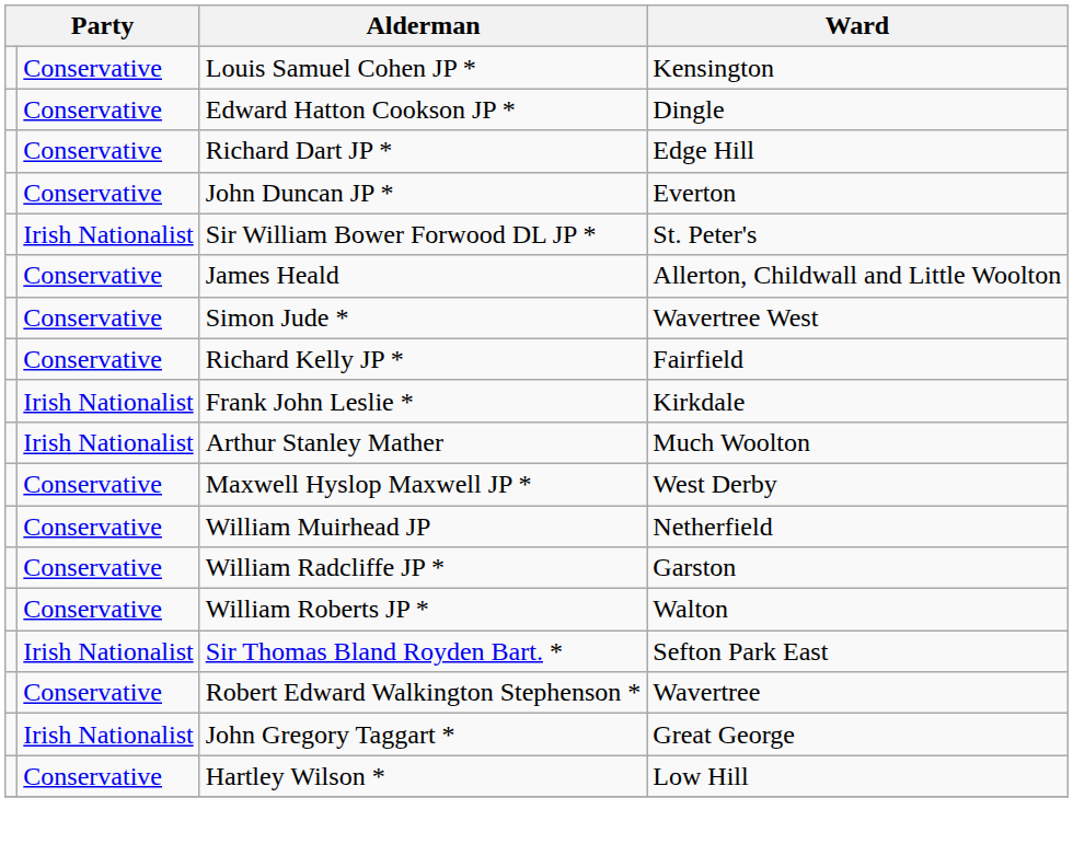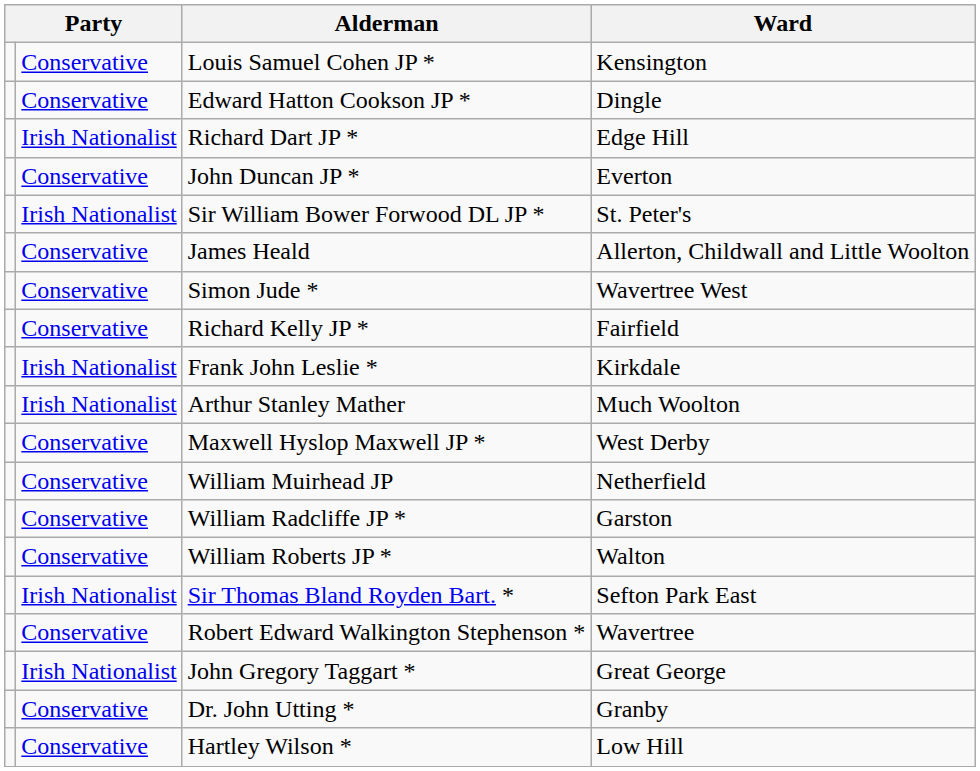 <table class="wikitable">
 <tr>
 <th colspan="2">Party</th>
 <th>Alderman</th>
 <th>Ward</th>
 </tr>
 <tr>
 <td style="background-color:"></td>
 <td><a href='#'>Conservative</a></td>
 <td>Louis Samuel Cohen JP *</td>
 <td>Kensington</td>
 </tr>
 <tr>
 <td style="background-color:"></td>
 <td><a href='#'>Conservative</a></td>
 <td>Edward Hatton Cookson JP *</td>
 <td>Dingle</td>
 </tr>
 <tr>
 <td style="background-color:"></td>
-<td><a href='#'>Conservative</a></td>
+<td><a href='#'>Irish Nationalist</a></td>
 <td>Richard Dart JP *</td>
 <td>Edge Hill</td>
 </tr>
 <tr>
 <td style="background-color:"></td>
 <td><a href='#'>Conservative</a></td>
 <td>John Duncan JP *</td>
 <td>Everton</td>
 </tr>
 <tr>
 <td style="background-color:"></td>
 <td><a href='#'>Irish Nationalist</a></td>
 <td>Sir William Bower Forwood DL JP *</td>
 <td>St. Peter's</td>
 </tr>
 <tr>
 <td style="background-color:"></td>
 <td><a href='#'>Conservative</a></td>
 <td>James Heald</td>
 <td>Allerton, Childwall and Little Woolton</td>
 </tr>
 <tr>
 <td style="background-color:"></td>
 <td><a href='#'>Conservative</a></td>
 <td>Simon Jude *</td>
 <td>Wavertree West</td>
 </tr>
 <tr>
 <td style="background-color:"></td>
 <td><a href='#'>Conservative</a></td>
 <td>Richard Kelly JP *</td>
 <td>Fairfield</td>
 </tr>
 <tr>
 <td style="background-color:"></td>
 <td><a href='#'>Irish Nationalist</a></td>
 <td>Frank John Leslie *</td>
 <td>Kirkdale</td>
 </tr>
 <tr>
 <td style="background-color:"></td>
 <td><a href='#'>Irish Nationalist</a></td>
 <td>Arthur Stanley Mather</td>
 <td>Much Woolton</td>
 </tr>
 <tr>
 <td style="background-color:"></td>
 <td><a href='#'>Conservative</a></td>
 <td>Maxwell Hyslop Maxwell JP *</td>
 <td>West Derby</td>
 </tr>
 <tr>
 <td style="background-color:"></td>
 <td><a href='#'>Conservative</a></td>
 <td>William Muirhead JP</td>
 <td>Netherfield</td>
 </tr>
 <tr>
 <td style="background-color:"></td>
 <td><a href='#'>Conservative</a></td>
 <td>William Radcliffe JP *</td>
 <td>Garston</td>
 </tr>
 <tr>
 <td style="background-color:"></td>
 <td><a href='#'>Conservative</a></td>
 <td>William Roberts JP *</td>
 <td>Walton</td>
 </tr>
 <tr>
 <td style="background-color:"></td>
 <td><a href='#'>Irish Nationalist</a></td>
 <td><a href='#'>Sir Thomas Bland Royden Bart.</a> *</td>
 <td>Sefton Park East</td>
 </tr>
 <tr>
 <td style="background-color:"></td>
 <td><a href='#'>Conservative</a></td>
 <td>Robert Edward Walkington Stephenson *</td>
 <td>Wavertree</td>
 </tr>
 <tr>
 <td style="background-color:"></td>
 <td><a href='#'>Irish Nationalist</a></td>
 <td>John Gregory Taggart *</td>
 <td>Great George</td>
 </tr>
 <tr>
 <td style="background-color:"></td>
 <td><a href='#'>Conservative</a></td>
+<td>Dr. John Utting *</td>
+<td>Granby</td>
+</tr>
+<tr>
+<td style="background-color:"></td>
+<td><a href='#'>Conservative</a></td>
 <td>Hartley Wilson *</td>
 <td>Low Hill</td>
 </tr>
 <tr>
 </tr>
 </table>
